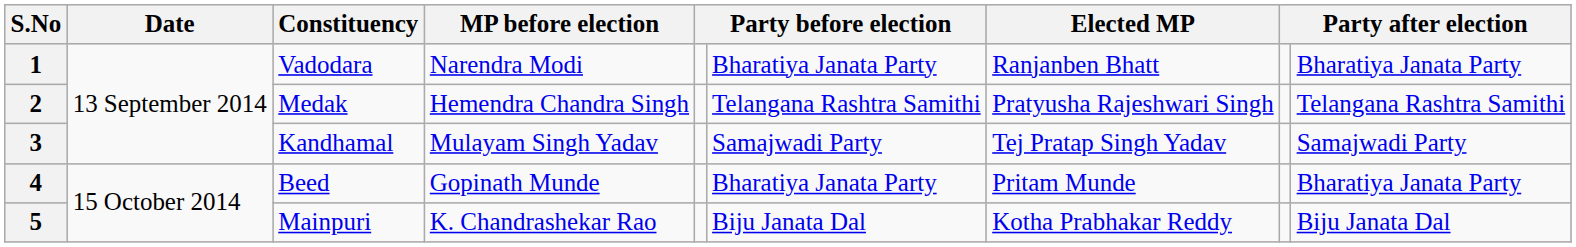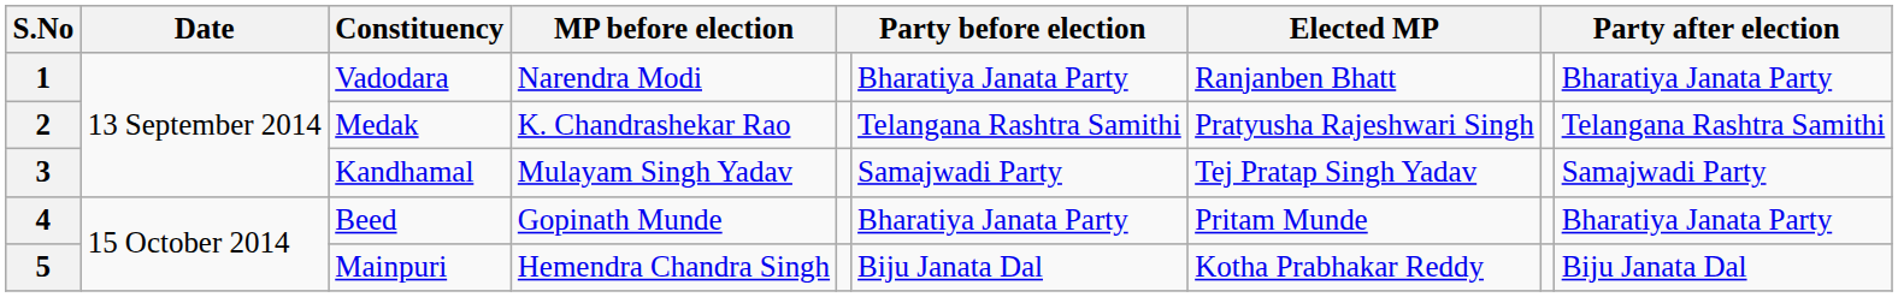 <table class="wikitable sortable">
 <tr>
 <th>S.No</th>
 <th>Date</th>
 <th>Constituency</th>
 <th>MP before election</th>
 <th colspan="2">Party before election</th>
 <th>Elected MP</th>
 <th colspan="2">Party after election</th>
 </tr>
 <tr>
 <th>1</th>
 <td rowspan="3">13 September 2014</td>
 <td><a href='#'>Vadodara</a></td>
 <td><a href='#'>Narendra Modi</a></td>
 <td></td>
 <td><a href='#'>Bharatiya Janata Party</a></td>
 <td><a href='#'>Ranjanben Bhatt</a></td>
 <td></td>
 <td><a href='#'>Bharatiya Janata Party</a></td>
 </tr>
 <tr>
 <th>2</th>
 <td><a href='#'>Medak</a></td>
-<td><a href='#'>Hemendra Chandra Singh</a></td>
+<td><a href='#'>K. Chandrashekar Rao</a></td>
 <td></td>
 <td><a href='#'>Telangana Rashtra Samithi</a></td>
 <td><a href='#'>Pratyusha Rajeshwari Singh</a></td>
 <td></td>
 <td><a href='#'>Telangana Rashtra Samithi</a></td>
 </tr>
 <tr>
 <th>3</th>
 <td><a href='#'>Kandhamal</a></td>
 <td><a href='#'>Mulayam Singh Yadav</a></td>
 <td></td>
 <td><a href='#'>Samajwadi Party</a></td>
 <td><a href='#'>Tej Pratap Singh Yadav</a></td>
 <td></td>
 <td><a href='#'>Samajwadi Party</a></td>
 </tr>
 <tr>
 <th>4</th>
 <td rowspan="2">15 October 2014</td>
 <td><a href='#'>Beed</a></td>
 <td><a href='#'>Gopinath Munde</a></td>
 <td></td>
 <td><a href='#'>Bharatiya Janata Party</a></td>
 <td><a href='#'>Pritam Munde</a></td>
 <td></td>
 <td><a href='#'>Bharatiya Janata Party</a></td>
 </tr>
 <tr>
 <th>5</th>
 <td><a href='#'>Mainpuri</a></td>
-<td><a href='#'>K. Chandrashekar Rao</a></td>
+<td><a href='#'>Hemendra Chandra Singh</a></td>
 <td></td>
 <td><a href='#'>Biju Janata Dal</a></td>
 <td><a href='#'>Kotha Prabhakar Reddy</a></td>
 <td></td>
 <td><a href='#'>Biju Janata Dal</a></td>
 </tr>
 </table>
